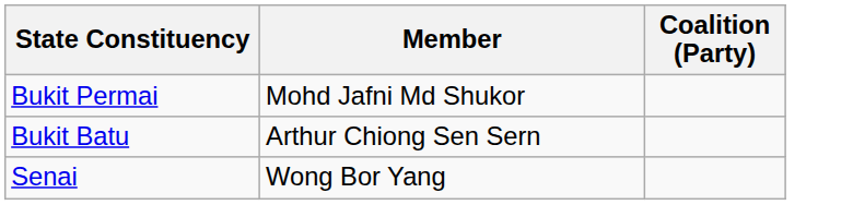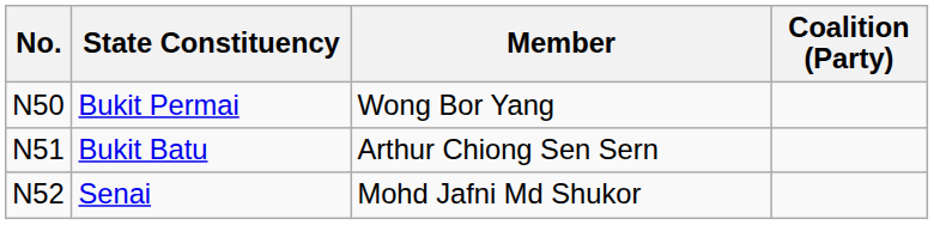 <table class="wikitable sortable">
 <tr>
+<th width="30">No.</th>
 <th width="150">State Constituency</th>
 <th width="230">Member</th>
 <th width="80">Coalition (Party)</th>
 </tr>
 <tr>
+<td>N50</td>
 <td><a href='#'>Bukit Permai</a></td>
-<td>Mohd Jafni Md Shukor</td>
+<td>Wong Bor Yang</td>
 <td></td>
 </tr>
 <tr>
+<td>N51</td>
 <td><a href='#'>Bukit Batu</a></td>
 <td>Arthur Chiong Sen Sern</td>
 <td></td>
 </tr>
 <tr>
+<td>N52</td>
 <td><a href='#'>Senai</a></td>
-<td>Wong Bor Yang</td>
+<td>Mohd Jafni Md Shukor</td>
 <td></td>
 </tr>
 </table>
